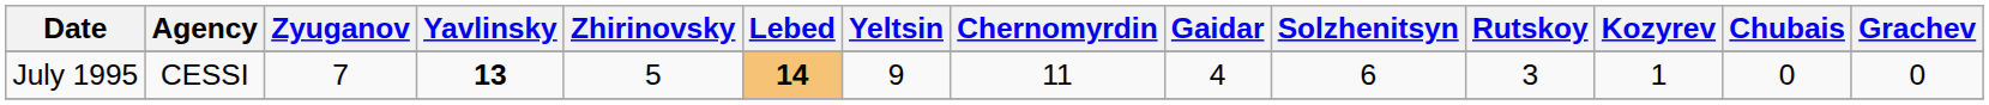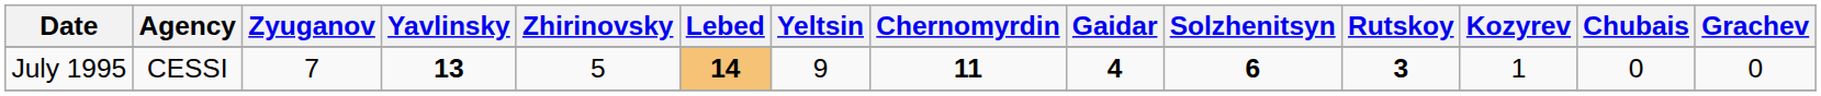 <table class=wikitable style=text-align:center>
 <tr>
 <th>Date</th>
 <th>Agency</th>
 <th><a href='#'>Zyuganov</a></th>
 <th><a href='#'>Yavlinsky</a></th>
 <th><a href='#'>Zhirinovsky</a></th>
 <th><a href='#'>Lebed</a></th>
 <th><a href='#'>Yeltsin</a></th>
 <th><a href='#'>Chernomyrdin</a></th>
 <th><a href='#'>Gaidar</a></th>
 <th><a href='#'>Solzhenitsyn</a></th>
 <th><a href='#'>Rutskoy</a></th>
 <th><a href='#'>Kozyrev</a></th>
 <th><a href='#'>Chubais</a></th>
 <th><a href='#'>Grachev</a></th>
 </tr>
 <tr>
 </tr>
 <tr>
 <td>July 1995</td>
 <td>CESSI</td>
 <td>7</td>
 <td><strong>13</strong></td>
 <td>5</td>
 <td style="background:#f5c276"><strong>14</strong></td>
 <td>9</td>
-<td>11</td>
-<td>4</td>
-<td>6</td>
-<td>3</td>
+<td><strong>11</strong></td>
+<td><strong>4</strong></td>
+<td><strong>6</strong></td>
+<td><strong>3</strong></td>
 <td>1</td>
 <td>0</td>
 <td>0</td>
 </tr>
 <tr>
 </tr>
 </table>
